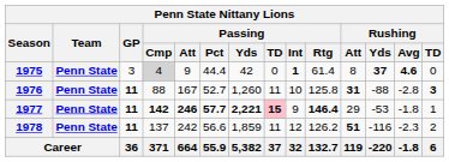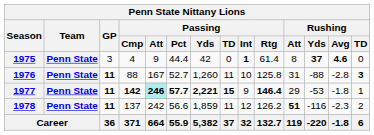 <table class="wikitable" style="text-align:center;">
 <tr>
 <th colspan="14">Penn State Nittany Lions</th>
 </tr>
 <tr>
 <th rowspan="2">Season</th>
 <th rowspan="2">Team</th>
 <th rowspan="2">GP</th>
 <th colspan="7">Passing</th>
 <th colspan="4">Rushing</th>
 </tr>
 <tr>
 <th>Cmp</th>
 <th>Att</th>
 <th>Pct</th>
 <th>Yds</th>
 <th>TD</th>
 <th>Int</th>
 <th>Rtg</th>
 <th>Att</th>
 <th>Yds</th>
 <th>Avg</th>
 <th>TD</th>
 </tr>
 <tr>
 <th><a href='#'>1975</a></th>
 <th><a href='#'>Penn State</a></th>
 <td>3</td>
-<td style="background: lightgrey;">4</td>
+<td>4</td>
 <td>9</td>
 <td>44.4</td>
 <td>42</td>
 <td>0</td>
 <td><strong>1</strong></td>
 <td>61.4</td>
 <td>8</td>
 <td><strong>37</strong></td>
 <td><strong>4.6</strong></td>
 <td>0</td>
 </tr>
 <tr>
 <th><a href='#'>1976</a></th>
 <th><a href='#'>Penn State</a></th>
 <td><strong>11</strong></td>
 <td>88</td>
 <td>167</td>
 <td>52.7</td>
 <td>1,260</td>
 <td>11</td>
 <td>10</td>
 <td>125.8</td>
-<td><strong>31</strong></td>
+<td>31</td>
 <td>-88</td>
 <td>-2.8</td>
 <td><strong>3</strong></td>
 </tr>
 <tr>
 <th><a href='#'>1977</a></th>
 <th><a href='#'>Penn State</a></th>
 <td><strong>11</strong></td>
 <td><strong>142</strong></td>
-<td><strong>246</strong></td>
+<td style="background: paleturquoise;"><strong>246</strong></td>
 <td><strong>57.7</strong></td>
 <td><strong>2,221</strong></td>
-<td style="background: pink;"><strong>15</strong></td>
+<td><strong>15</strong></td>
 <td>9</td>
 <td><strong>146.4</strong></td>
 <td>29</td>
 <td>-53</td>
 <td>-1.8</td>
 <td>1</td>
 </tr>
 <tr>
 <th><a href='#'>1978</a></th>
 <th><a href='#'>Penn State</a></th>
 <td><strong>11</strong></td>
 <td>137</td>
 <td>242</td>
 <td>56.6</td>
 <td>1,859</td>
 <td>11</td>
 <td>12</td>
 <td>126.2</td>
 <td><strong>51</strong></td>
 <td>-116</td>
 <td>-2.3</td>
 <td>2</td>
 </tr>
 <tr>
 <th colspan="2">Career</th>
 <th>36</th>
 <th>371</th>
 <th>664</th>
 <th>55.9</th>
 <th>5,382</th>
 <th>37</th>
 <th>32</th>
 <th>132.7</th>
 <th>119</th>
 <th>-220</th>
 <th>-1.8</th>
 <th>6</th>
 </tr>
 </table>
